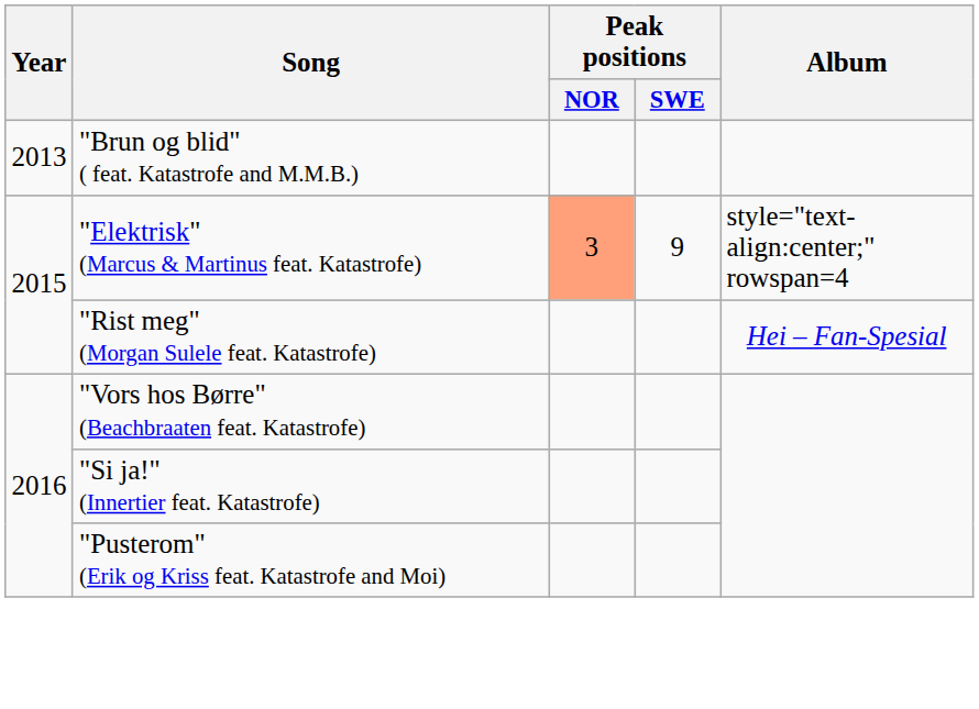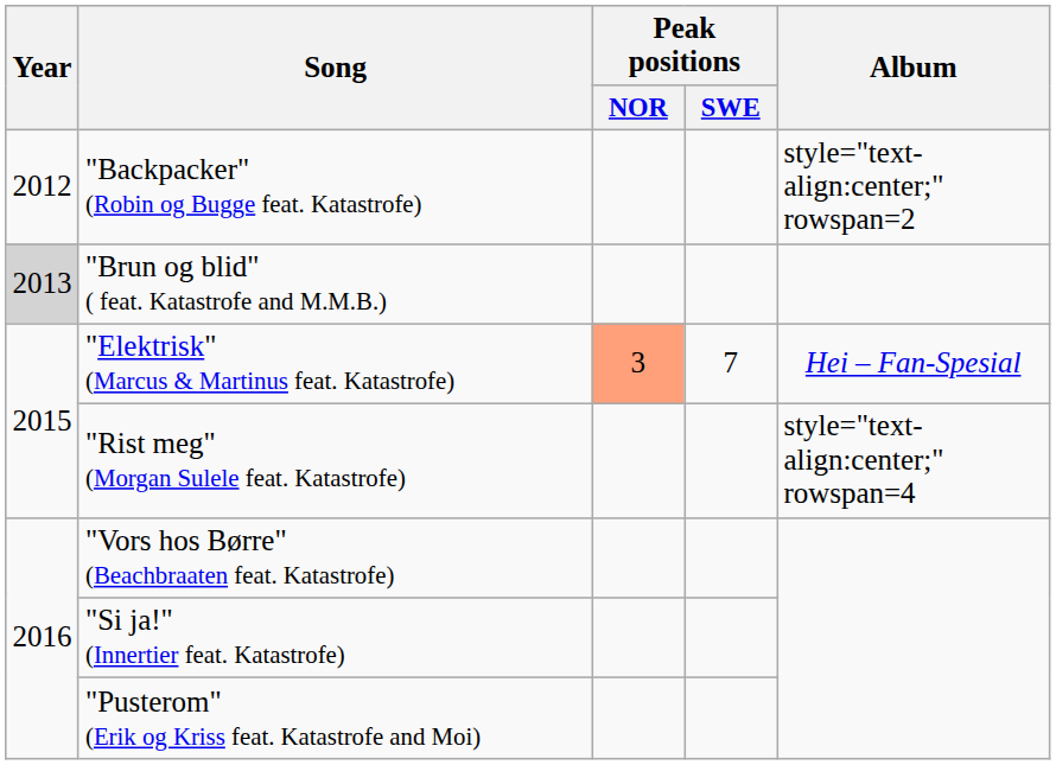 <table class="wikitable">
 <tr>
 <th align="center" rowspan="2" width="10">Year</th>
 <th align="center" rowspan="2" width="270">Song</th>
 <th align="center" colspan="2" width="20">Peak positions</th>
 <th align="center" rowspan="2" width="140">Album</th>
 </tr>
 <tr>
 <th scope="col" style="width:3em;font-size:90%;"><a href='#'>NOR</a><br></th>
 <th scope="col" style="width:3em;font-size:90%;"><a href='#'>SWE</a><br></th>
 </tr>
 <tr>
-<td style="text-align:center;" rowspan=1>2013</td>
+<td style="text-align:center;" rowspan=1>2012</td>
+<td>"Backpacker" <br><small>(<a href='#'>Robin og Bugge</a> feat. Katastrofe)</small></td>
+<td style="text-align:center;"></td>
+<td style="text-align:center;"></td>
+<td>style="text-align:center;" rowspan=2 </td>
+</tr>
+<tr>
+<td style="background: lightgrey; text-align:center;" rowspan=1>2013</td>
 <td>"Brun og blid" <br><small>( feat. Katastrofe and M.M.B.)</small></td>
 <td style="text-align:center;"></td>
 <td style="text-align:center;"></td>
 </tr>
 <tr>
 <td rowspan="2" style="text-align:center;">2015</td>
 <td>"<a href='#'>Elektrisk</a>" <br><small>(<a href='#'>Marcus & Martinus</a> feat. Katastrofe)</small></td>
 <td style="background: lightsalmon; text-align:center;">3</td>
-<td style="text-align:center;">9</td>
-<td>style="text-align:center;" rowspan=4 </td>
+<td style="text-align:center;">7</td>
+<td style="text-align:center;"><em><a href='#'>Hei – Fan-Spesial</a></em></td>
 </tr>
 <tr>
 <td>"Rist meg" <br><small>(<a href='#'>Morgan Sulele</a> feat. Katastrofe)</small></td>
 <td style="text-align:center;"></td>
 <td style="text-align:center;"></td>
-<td style="text-align:center;"><em><a href='#'>Hei – Fan-Spesial</a></em></td>
+<td>style="text-align:center;" rowspan=4 </td>
 </tr>
 <tr>
 <td style="text-align:center;" rowspan=3>2016</td>
 <td>"Vors hos Børre" <br><small>(<a href='#'>Beachbraaten</a> feat. Katastrofe)</small></td>
 <td style="text-align:center;"></td>
 <td style="text-align:center;"></td>
 </tr>
 <tr>
 <td>"Si ja!" <br><small>(<a href='#'>Innertier</a> feat. Katastrofe)</small></td>
 <td style="text-align:center;"></td>
 <td style="text-align:center;"></td>
 </tr>
 <tr>
 <td>"Pusterom" <br><small>(<a href='#'>Erik og Kriss</a> feat. Katastrofe and Moi)</small></td>
 <td style="text-align:center;"></td>
 <td style="text-align:center;"></td>
 </tr>
 </table>
